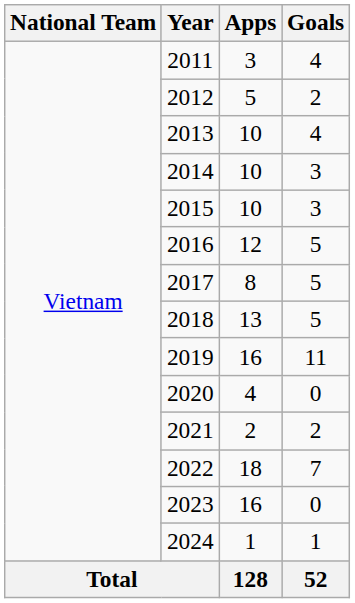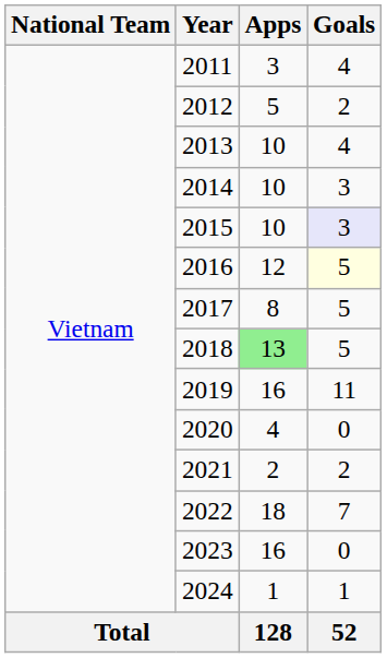 <table class="wikitable" style="text-align:center">
 <tr>
 <th>National Team</th>
 <th>Year</th>
 <th>Apps</th>
 <th>Goals</th>
 </tr>
 <tr>
 <td rowspan="14"><a href='#'>Vietnam</a></td>
 <td>2011</td>
 <td>3</td>
 <td>4</td>
 </tr>
 <tr>
 <td>2012</td>
 <td>5</td>
 <td>2</td>
 </tr>
 <tr>
 <td>2013</td>
 <td>10</td>
 <td>4</td>
 </tr>
 <tr>
 <td>2014</td>
 <td>10</td>
 <td>3</td>
 </tr>
 <tr>
 <td>2015</td>
 <td>10</td>
-<td>3</td>
+<td style="background: lavender;">3</td>
 </tr>
 <tr>
 <td>2016</td>
 <td>12</td>
-<td>5</td>
+<td style="background: lightyellow;">5</td>
 </tr>
 <tr>
 <td>2017</td>
 <td>8</td>
 <td>5</td>
 </tr>
 <tr>
 <td>2018</td>
-<td>13</td>
+<td style="background: lightgreen;">13</td>
 <td>5</td>
 </tr>
 <tr>
 <td>2019</td>
 <td>16</td>
 <td>11</td>
 </tr>
 <tr>
 <td>2020</td>
 <td>4</td>
 <td>0</td>
 </tr>
 <tr>
 <td>2021</td>
 <td>2</td>
 <td>2</td>
 </tr>
 <tr>
 <td>2022</td>
 <td>18</td>
 <td>7</td>
 </tr>
 <tr>
 <td>2023</td>
 <td>16</td>
 <td>0</td>
 </tr>
 <tr>
 <td>2024</td>
 <td>1</td>
 <td>1</td>
 </tr>
 <tr>
 <th colspan=2>Total</th>
 <th>128</th>
 <th>52</th>
 </tr>
 </table>
